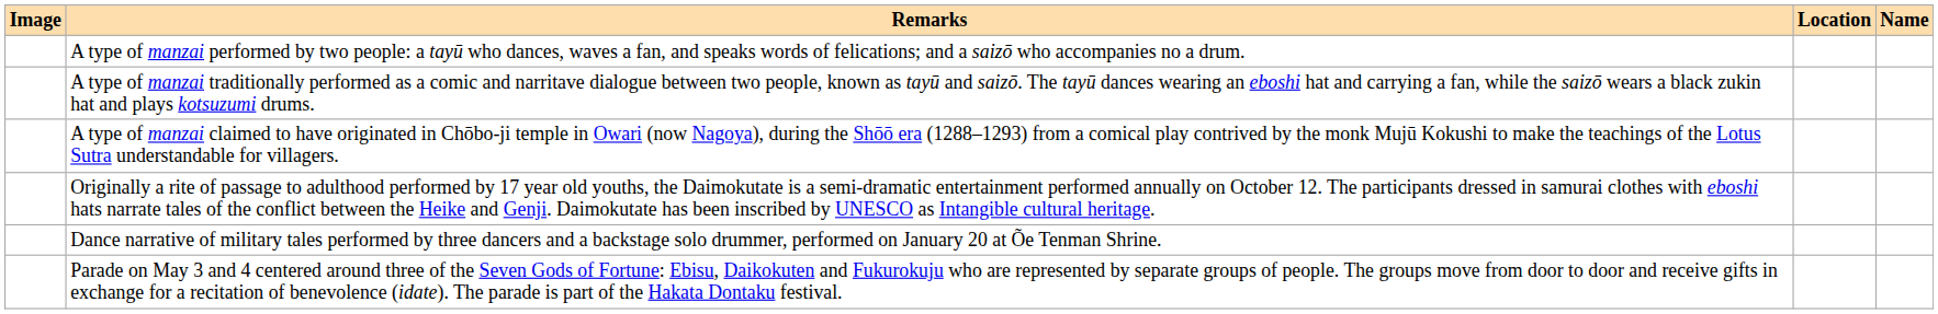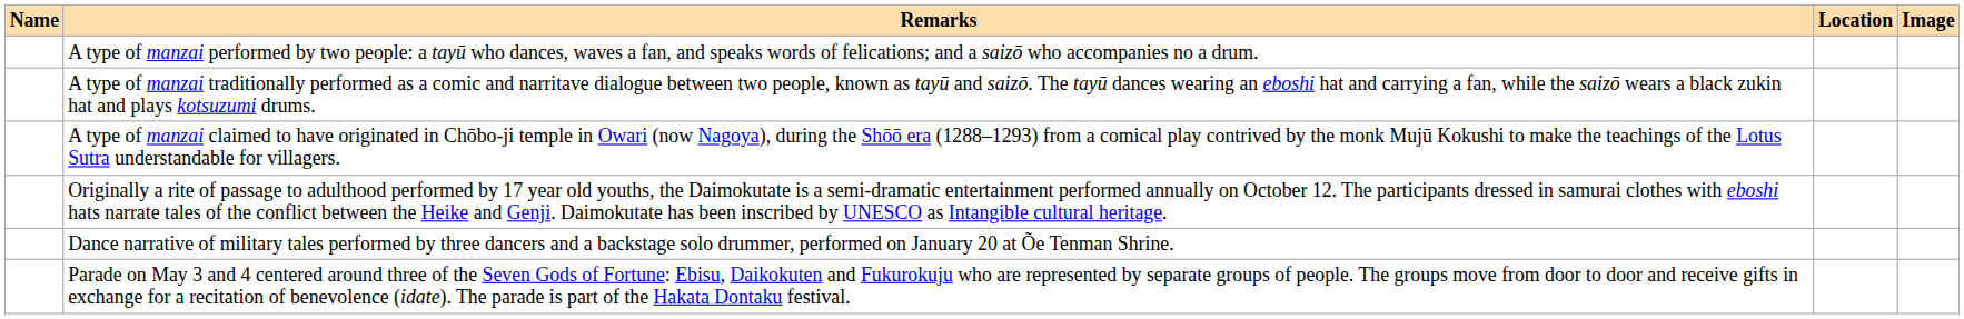 <table class="wikitable sortable" width="100%" style="background:#ffffff;">
 <tr>
-<th align="left" style="background:#ffdead;" class="unsortable">Image</th>
+<th align="left" style="background:#ffdead;">Name</th>
 <th align="left" style="background:#ffdead;">Remarks</th>
 <th style="background:#ffdead;">Location</th>
-<th align="left" style="background:#ffdead;">Name</th>
+<th align="left" style="background:#ffdead;" class="unsortable">Image</th>
 </tr>
 <tr>
 <td></td>
 <td>A type of <em><a href='#'>manzai</a></em> performed by two people: a <em>tayū</em> who dances, waves a fan, and speaks words of felications; and a <em>saizō</em> who accompanies no a drum.</td>
 <td></td>
 <td></td>
 </tr>
 <tr>
 <td></td>
 <td>A type of <em><a href='#'>manzai</a></em> traditionally performed as a comic and narritave dialogue between two people, known as <em>tayū</em> and <em>saizō</em>. The <em>tayū</em> dances wearing an <em><a href='#'>eboshi</a></em> hat and carrying a fan, while the <em>saizō</em> wears a black zukin hat and plays <em><a href='#'>kotsuzumi</a></em> drums.</td>
 <td></td>
 <td></td>
 </tr>
 <tr>
 <td></td>
 <td>A type of <em><a href='#'>manzai</a></em> claimed to have originated in Chōbo-ji temple in <a href='#'>Owari</a> (now <a href='#'>Nagoya</a>), during the <a href='#'>Shōō era</a> (1288–1293) from a comical play contrived by the monk Mujū Kokushi to make the teachings of the <a href='#'>Lotus Sutra</a> understandable for villagers.</td>
 <td></td>
 <td></td>
 </tr>
 <tr>
 <td></td>
 <td>Originally a rite of passage to adulthood performed by 17 year old youths, the Daimokutate is a semi-dramatic entertainment performed annually on October 12. The participants dressed in samurai clothes with <em><a href='#'>eboshi</a></em> hats narrate tales of the conflict between the <a href='#'>Heike</a> and <a href='#'>Genji</a>. Daimokutate has been inscribed by <a href='#'>UNESCO</a> as <a href='#'>Intangible cultural heritage</a>.</td>
 <td></td>
 <td></td>
 </tr>
 <tr>
 <td></td>
 <td>Dance narrative of military tales performed by three dancers and a backstage solo drummer, performed on January 20 at Õe Tenman Shrine.</td>
 <td></td>
 <td></td>
 </tr>
 <tr>
 <td></td>
 <td>Parade on May 3 and 4 centered around three of the <a href='#'>Seven Gods of Fortune</a>: <a href='#'>Ebisu</a>, <a href='#'>Daikokuten</a> and <a href='#'>Fukurokuju</a> who are represented by separate groups of people. The groups move from door to door and receive gifts in exchange for a recitation of benevolence (<em>idate</em>). The parade is part of the <a href='#'>Hakata Dontaku</a> festival.</td>
 <td></td>
 <td></td>
 </tr>
 </table>
